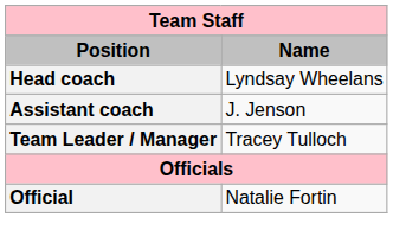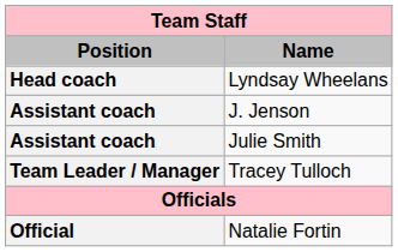 <table class="wikitable" style="text-align:left; font-size:90%;">
 <tr>
 <th style=background:pink colspan=2>Team Staff</th>
 </tr>
 <tr>
 <th style="background:silver;">Position</th>
 <th style="background:silver;">Name</th>
 </tr>
 <tr>
 <th style="text-align:left;">Head coach</th>
 <td>Lyndsay Wheelans</td>
 </tr>
 <tr>
 <th style="text-align:left;">Assistant coach</th>
 <td>J. Jenson</td>
 </tr>
 <tr>
+<th style="text-align:left;">Assistant coach</th>
+<td>Julie Smith</td>
+</tr>
+<tr>
 <th style="text-align:left;">Team Leader / Manager</th>
 <td>Tracey Tulloch</td>
 </tr>
 <tr>
 <th style=background:pink colspan=2>Officials</th>
 </tr>
 <tr>
 <th style="text-align:left;">Official</th>
 <td>Natalie Fortin</td>
 </tr>
 </table>
